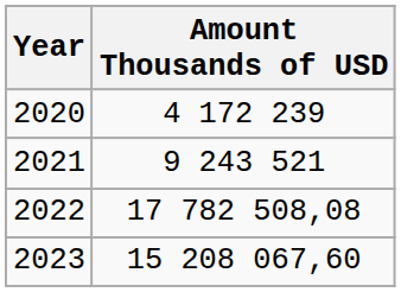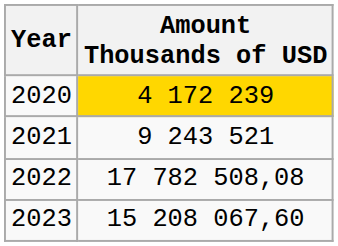 <table class="wikitable" style="text-align:center;">
 <tr>
 <th>Year</th>
 <th>Amount<br>Thousands of USD</th>
 </tr>
 <tr>
 <td>2020</td>
-<td>4 172 239 </td>
+<td style="background: gold;">4 172 239 </td>
 </tr>
 <tr>
 <td>2021</td>
 <td>9 243 521 </td>
 </tr>
 <tr>
 <td>2022</td>
 <td>17 782 508,08 </td>
 </tr>
 <tr>
 <td>2023</td>
 <td>15 208 067,60 </td>
 </tr>
 </table>
